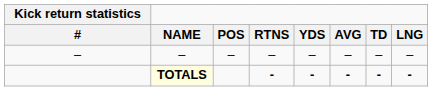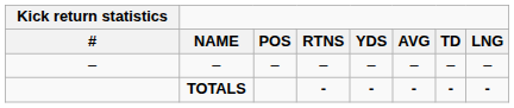 <table style="width:60%; text-align:center;" class="wikitable collapsible collapsed">
 <tr>
 <th style="text-align:center; ">Kick return statistics</th>
 </tr>
 <tr>
 <th>#</th>
 <th>NAME</th>
 <th>POS</th>
 <th>RTNS</th>
 <th>YDS</th>
 <th>AVG</th>
 <th>TD</th>
 <th>LNG</th>
 </tr>
 <tr>
 <td>–</td>
 <td>–</td>
 <td>–</td>
 <td>–</td>
 <td>–</td>
 <td>–</td>
 <td>–</td>
 <td>–</td>
 </tr>
 <tr>
 <td></td>
-<td style="background: lightyellow;"><strong>TOTALS</strong></td>
+<td><strong>TOTALS</strong></td>
 <td></td>
 <td><strong>-</strong></td>
 <td><strong>-</strong></td>
 <td><strong>-</strong></td>
 <td><strong>-</strong></td>
 <td><strong>-</strong></td>
 </tr>
 </table>
